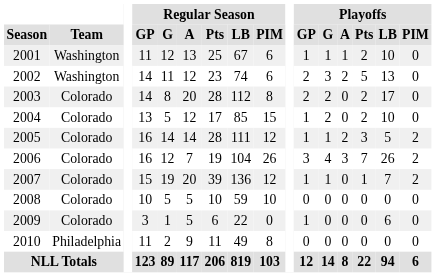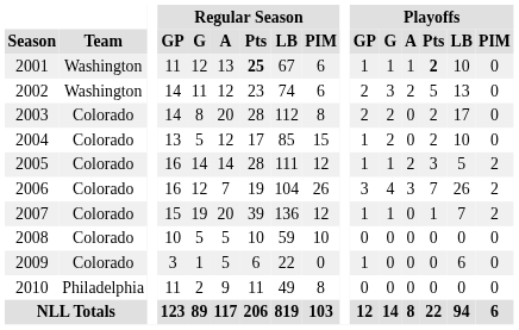 <table BORDER="0" CELLPADDING="3" CELLSPACING="0">
 <tr ALIGN="center" bgcolor="#e0e0e0">
 <th colspan="2" bgcolor="#ffffff"> </th>
 <th rowspan="99" bgcolor="#ffffff"> </th>
 <th colspan="6">Regular Season</th>
 <th rowspan="99" bgcolor="#ffffff"> </th>
 <th colspan="6">Playoffs</th>
 </tr>
 <tr ALIGN="center" bgcolor="#e0e0e0">
 <th>Season</th>
 <th>Team</th>
 <th>GP</th>
 <th>G</th>
 <th>A</th>
 <th>Pts</th>
 <th>LB</th>
 <th>PIM</th>
 <th>GP</th>
 <th>G</th>
 <th>A</th>
 <th>Pts</th>
 <th>LB</th>
 <th>PIM</th>
 </tr>
 <tr ALIGN="center" bgcolor="#f0f0f0">
 <td>2001</td>
 <td>Washington</td>
 <td>11</td>
 <td>12</td>
 <td>13</td>
-<td>25</td>
+<td><strong>25</strong></td>
 <td>67</td>
 <td>6</td>
 <td>1</td>
 <td>1</td>
 <td>1</td>
-<td>2</td>
+<td><strong>2</strong></td>
 <td>10</td>
 <td>0</td>
 </tr>
 <tr ALIGN="center">
 <td>2002</td>
 <td>Washington</td>
 <td>14</td>
 <td>11</td>
 <td>12</td>
 <td>23</td>
 <td>74</td>
 <td>6</td>
 <td>2</td>
 <td>3</td>
 <td>2</td>
 <td>5</td>
 <td>13</td>
 <td>0</td>
 </tr>
 <tr ALIGN="center" bgcolor="#f0f0f0">
 <td>2003</td>
 <td>Colorado</td>
 <td>14</td>
 <td>8</td>
 <td>20</td>
 <td>28</td>
 <td>112</td>
 <td>8</td>
 <td>2</td>
 <td>2</td>
 <td>0</td>
 <td>2</td>
 <td>17</td>
 <td>0</td>
 </tr>
 <tr ALIGN="center">
 <td>2004</td>
 <td>Colorado</td>
 <td>13</td>
 <td>5</td>
 <td>12</td>
 <td>17</td>
 <td>85</td>
 <td>15</td>
 <td>1</td>
 <td>2</td>
 <td>0</td>
 <td>2</td>
 <td>10</td>
 <td>0</td>
 </tr>
 <tr ALIGN="center" bgcolor="#f0f0f0">
 <td>2005</td>
 <td>Colorado</td>
 <td>16</td>
 <td>14</td>
 <td>14</td>
 <td>28</td>
 <td>111</td>
 <td>12</td>
 <td>1</td>
 <td>1</td>
 <td>2</td>
 <td>3</td>
 <td>5</td>
 <td>2</td>
 </tr>
 <tr ALIGN="center">
 <td>2006</td>
 <td>Colorado</td>
 <td>16</td>
 <td>12</td>
 <td>7</td>
 <td>19</td>
 <td>104</td>
 <td>26</td>
 <td>3</td>
 <td>4</td>
 <td>3</td>
 <td>7</td>
 <td>26</td>
 <td>2</td>
 </tr>
 <tr ALIGN="center" bgcolor="#f0f0f0">
 <td>2007</td>
 <td>Colorado</td>
 <td>15</td>
 <td>19</td>
 <td>20</td>
 <td>39</td>
 <td>136</td>
 <td>12</td>
 <td>1</td>
 <td>1</td>
 <td>0</td>
 <td>1</td>
 <td>7</td>
 <td>2</td>
 </tr>
 <tr ALIGN="center">
 <td>2008</td>
 <td>Colorado</td>
 <td>10</td>
 <td>5</td>
 <td>5</td>
 <td>10</td>
 <td>59</td>
 <td>10</td>
 <td>0</td>
 <td>0</td>
 <td>0</td>
 <td>0</td>
 <td>0</td>
 <td>0</td>
 </tr>
 <tr ALIGN="center" bgcolor="#f0f0f0">
 <td>2009</td>
 <td>Colorado</td>
 <td>3</td>
 <td>1</td>
 <td>5</td>
 <td>6</td>
 <td>22</td>
 <td>0</td>
 <td>1</td>
 <td>0</td>
 <td>0</td>
 <td>0</td>
 <td>6</td>
 <td>0</td>
 </tr>
 <tr ALIGN="center">
 <td>2010</td>
 <td>Philadelphia</td>
 <td>11</td>
 <td>2</td>
 <td>9</td>
 <td>11</td>
 <td>49</td>
 <td>8</td>
 <td>0</td>
 <td>0</td>
 <td>0</td>
 <td>0</td>
 <td>0</td>
 <td>0</td>
 </tr>
 <tr ALIGN="center" bgcolor="#e0e0e0">
 <th colspan="2">NLL Totals</th>
 <th>123</th>
 <th>89</th>
 <th>117</th>
 <th>206</th>
 <th>819</th>
 <th>103</th>
 <th>12</th>
 <th>14</th>
 <th>8</th>
 <th>22</th>
 <th>94</th>
 <th>6</th>
 </tr>
 </table>
